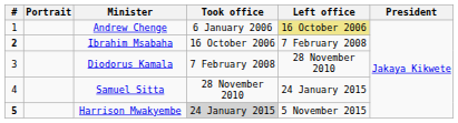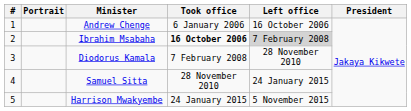 <table class="wikitable" style="text-align:center">
 <tr>
 <th width="20px">#</th>
 <th>Portrait</th>
 <th width="150px">Minister</th>
 <th width="120px">Took office</th>
 <th width="120px">Left office</th>
 <th>President</th>
 </tr>
 <tr>
 <td style="background:">1</td>
 <td></td>
 <td><a href='#'>Andrew Chenge</a></td>
 <td>6 January 2006</td>
-<td style="background: khaki;">16 October 2006</td>
+<td>16 October 2006</td>
 <td rowspan="5"><a href='#'>Jakaya Kikwete</a></td>
 </tr>
 <tr>
-<td style="background:"><strong>2</strong></td>
+<td style="background:">2</td>
 <td></td>
 <td><a href='#'>Ibrahim Msabaha</a></td>
-<td>16 October 2006</td>
-<td>7 February 2008</td>
+<td><strong>16 October 2006</strong></td>
+<td style="background: lightgrey;">7 February 2008</td>
 </tr>
 <tr>
 <td style="background:">3</td>
 <td></td>
 <td><a href='#'>Diodorus Kamala</a></td>
 <td>7 February 2008</td>
 <td>28 November 2010</td>
 </tr>
 <tr>
 <td style="background:">4</td>
 <td></td>
 <td><a href='#'>Samuel Sitta</a></td>
 <td>28 November 2010</td>
 <td>24 January 2015</td>
 </tr>
 <tr>
-<td style="background:"><strong>5</strong></td>
+<td style="background:">5</td>
 <td></td>
 <td><a href='#'>Harrison Mwakyembe</a></td>
-<td style="background: lightgrey;">24 January 2015</td>
+<td>24 January 2015</td>
 <td>5 November 2015</td>
 </tr>
 </table>
